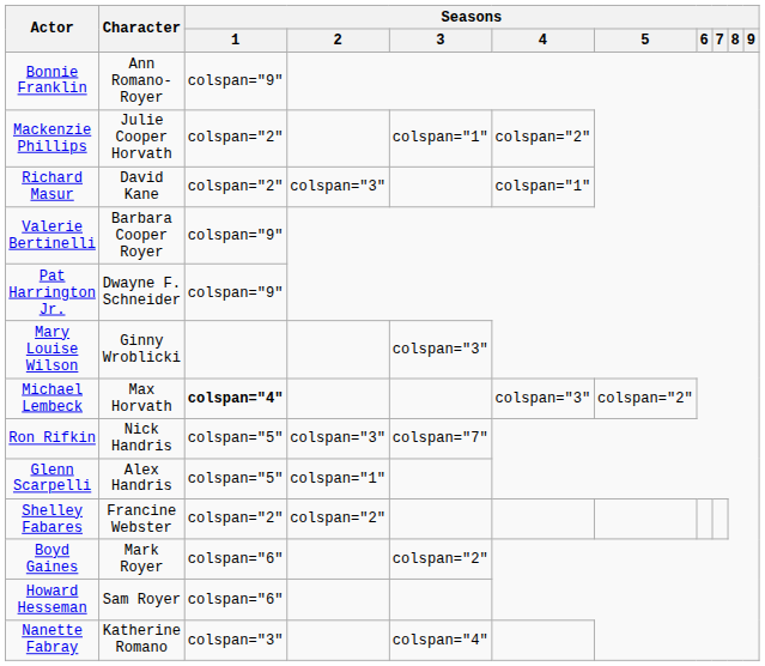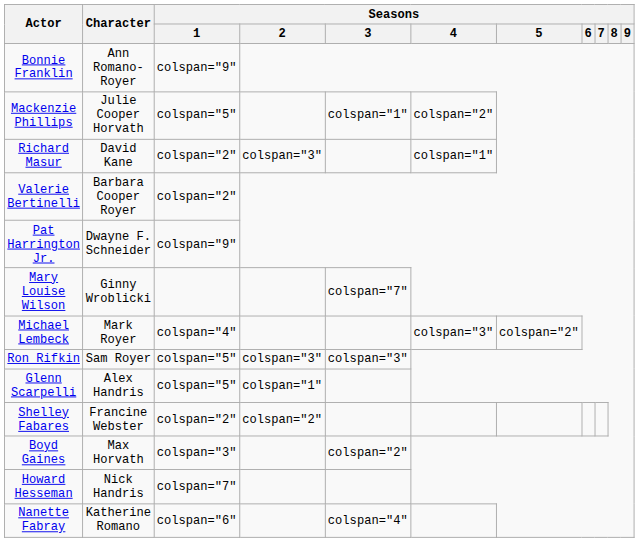 <table class="wikitable plainrowheaders" style="text-align:center">
 <tr>
 <th rowspan="2" width="14%" scope="col">Actor</th>
 <th rowspan="2" width="14%" scope="col">Character</th>
 <th colspan="9">Seasons</th>
 </tr>
 <tr>
 <th width="7%" scope="col">1</th>
 <th width="7%" scope="col">2</th>
 <th width="7%" scope="col">3</th>
 <th width="7%" scope="col">4</th>
 <th width="7%" scope="col">5</th>
 <th width="7%" scope="col">6</th>
 <th width="7%" scope="col">7</th>
 <th width="7%" scope="col">8</th>
 <th width="7%" scope="col">9</th>
 </tr>
 <tr>
 <td><a href='#'>Bonnie Franklin</a></td>
 <td>Ann Romano-Royer</td>
 <td>colspan="9" </td>
 </tr>
 <tr>
 <td><a href='#'>Mackenzie Phillips</a></td>
 <td>Julie Cooper Horvath</td>
-<td>colspan="2" </td>
+<td>colspan="5" </td>
 <td></td>
 <td>colspan="1" </td>
 <td>colspan="2" </td>
 </tr>
 <tr>
 <td><a href='#'>Richard Masur</a></td>
 <td>David Kane</td>
 <td>colspan="2" </td>
 <td>colspan="3" </td>
 <td></td>
 <td>colspan="1" </td>
 </tr>
 <tr>
 <td><a href='#'>Valerie Bertinelli</a></td>
 <td>Barbara Cooper Royer</td>
-<td>colspan="9" </td>
+<td>colspan="2" </td>
 </tr>
 <tr>
 <td><a href='#'>Pat Harrington Jr.</a></td>
 <td>Dwayne F. Schneider</td>
 <td>colspan="9" </td>
 </tr>
 <tr>
 <td><a href='#'>Mary Louise Wilson</a></td>
 <td>Ginny Wroblicki</td>
 <td></td>
 <td></td>
-<td>colspan="3" </td>
+<td>colspan="7" </td>
 </tr>
 <tr>
 <td><a href='#'>Michael Lembeck</a></td>
-<td>Max Horvath</td>
-<td><strong>colspan="4" </strong></td>
+<td>Mark Royer</td>
+<td>colspan="4" </td>
 <td></td>
 <td></td>
 <td>colspan="3" </td>
 <td>colspan="2" </td>
 </tr>
 <tr>
 <td><a href='#'>Ron Rifkin</a></td>
-<td>Nick Handris</td>
+<td>Sam Royer</td>
 <td>colspan="5" </td>
 <td>colspan="3" </td>
-<td>colspan="7" </td>
+<td>colspan="3" </td>
 </tr>
 <tr>
 <td><a href='#'>Glenn Scarpelli</a></td>
 <td>Alex Handris</td>
 <td>colspan="5" </td>
 <td>colspan="1" </td>
 <td></td>
 </tr>
 <tr>
 <td><a href='#'>Shelley Fabares</a></td>
 <td>Francine Webster</td>
 <td>colspan="2" </td>
 <td>colspan="2" </td>
 <td></td>
 <td></td>
 <td></td>
 <td></td>
 <td></td>
 </tr>
 <tr>
 <td><a href='#'>Boyd Gaines</a></td>
-<td>Mark Royer</td>
-<td>colspan="6" </td>
+<td>Max Horvath</td>
+<td>colspan="3" </td>
 <td></td>
 <td>colspan="2" </td>
 </tr>
 <tr>
 <td><a href='#'>Howard Hesseman</a></td>
-<td>Sam Royer</td>
-<td>colspan="6" </td>
+<td>Nick Handris</td>
+<td>colspan="7" </td>
 <td></td>
 <td></td>
 </tr>
 <tr>
 <td><a href='#'>Nanette Fabray</a></td>
 <td>Katherine Romano</td>
-<td>colspan="3" </td>
+<td>colspan="6" </td>
 <td></td>
 <td>colspan="4" </td>
 <td></td>
 </tr>
 </table>
